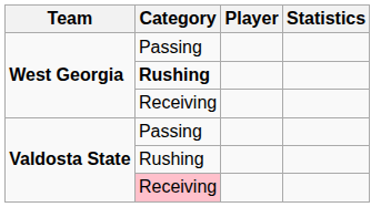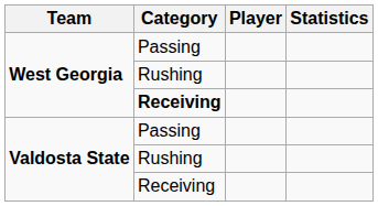 <table class="wikitable" style="float: left;">
 <tr>
 <th>Team</th>
 <th>Category</th>
 <th>Player</th>
 <th>Statistics</th>
 </tr>
 <tr>
 <td rowspan=3><strong>West Georgia</strong></td>
 <td>Passing</td>
 <td></td>
 <td></td>
 </tr>
 <tr>
-<td><strong>Rushing</strong></td>
+<td>Rushing</td>
 <td></td>
 <td></td>
 </tr>
 <tr>
-<td>Receiving</td>
+<td><strong>Receiving</strong></td>
 <td></td>
 <td></td>
 </tr>
 <tr>
 <td rowspan=3><strong>Valdosta State</strong></td>
 <td>Passing</td>
 <td></td>
 <td></td>
 </tr>
 <tr>
 <td>Rushing</td>
 <td></td>
 <td></td>
 </tr>
 <tr>
-<td style="background: pink;">Receiving</td>
+<td>Receiving</td>
 <td></td>
 <td></td>
 </tr>
 </table>
